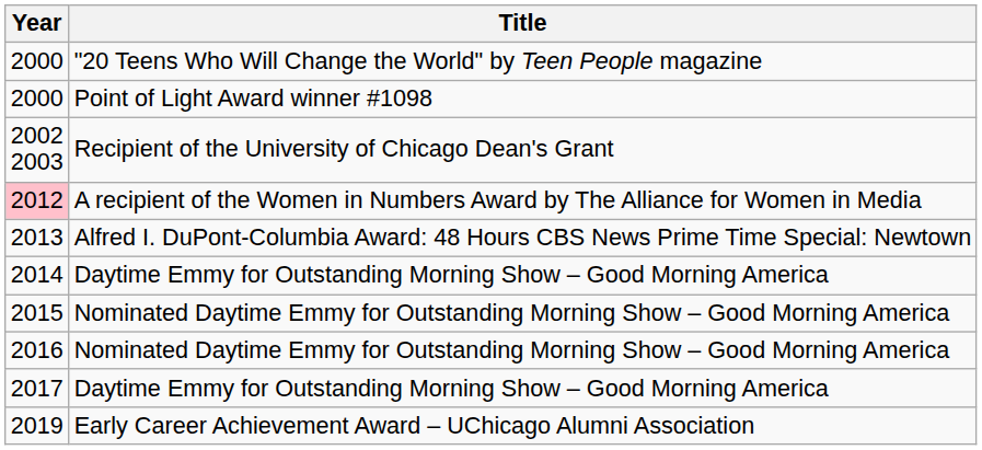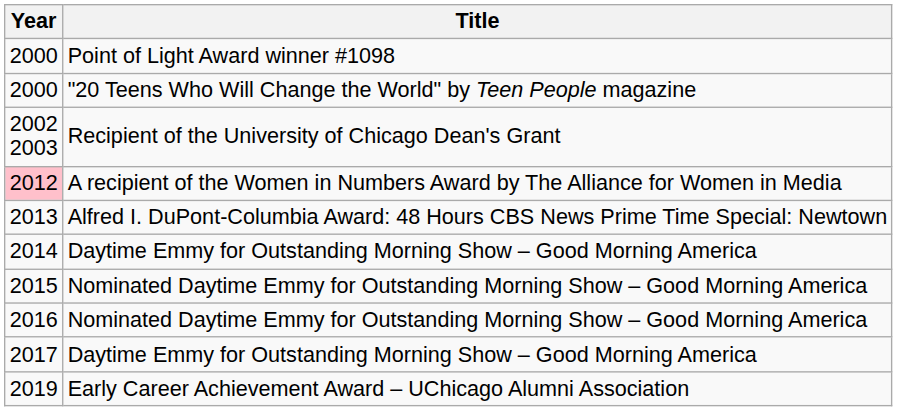 <table class="wikitable">
 <tr>
 <th>Year</th>
 <th>Title</th>
 </tr>
 <tr>
 <td>2000</td>
-<td>"20 Teens Who Will Change the World" by <em>Teen People</em> magazine</td>
+<td>Point of Light Award winner #1098</td>
 </tr>
 <tr>
 <td>2000</td>
-<td>Point of Light Award winner #1098</td>
+<td>"20 Teens Who Will Change the World" by <em>Teen People</em> magazine</td>
 </tr>
 <tr>
 <td>2002<br>2003</td>
 <td>Recipient of the University of Chicago Dean's Grant</td>
 </tr>
 <tr>
 <td style="background: pink;">2012</td>
 <td>A recipient of the Women in Numbers Award by The Alliance for Women in Media</td>
 </tr>
 <tr>
 <td>2013</td>
 <td>Alfred I. DuPont-Columbia Award: 48 Hours CBS News Prime Time Special: Newtown</td>
 </tr>
 <tr>
 <td>2014</td>
 <td>Daytime Emmy for Outstanding Morning Show – Good Morning America</td>
 </tr>
 <tr>
 <td>2015</td>
 <td>Nominated Daytime Emmy for Outstanding Morning Show – Good Morning America</td>
 </tr>
 <tr>
 <td>2016</td>
 <td>Nominated Daytime Emmy for Outstanding Morning Show – Good Morning America</td>
 </tr>
 <tr>
 <td>2017</td>
 <td>Daytime Emmy for Outstanding Morning Show – Good Morning America</td>
 </tr>
 <tr>
 <td>2019</td>
 <td>Early Career Achievement Award – UChicago Alumni Association</td>
 </tr>
 </table>
